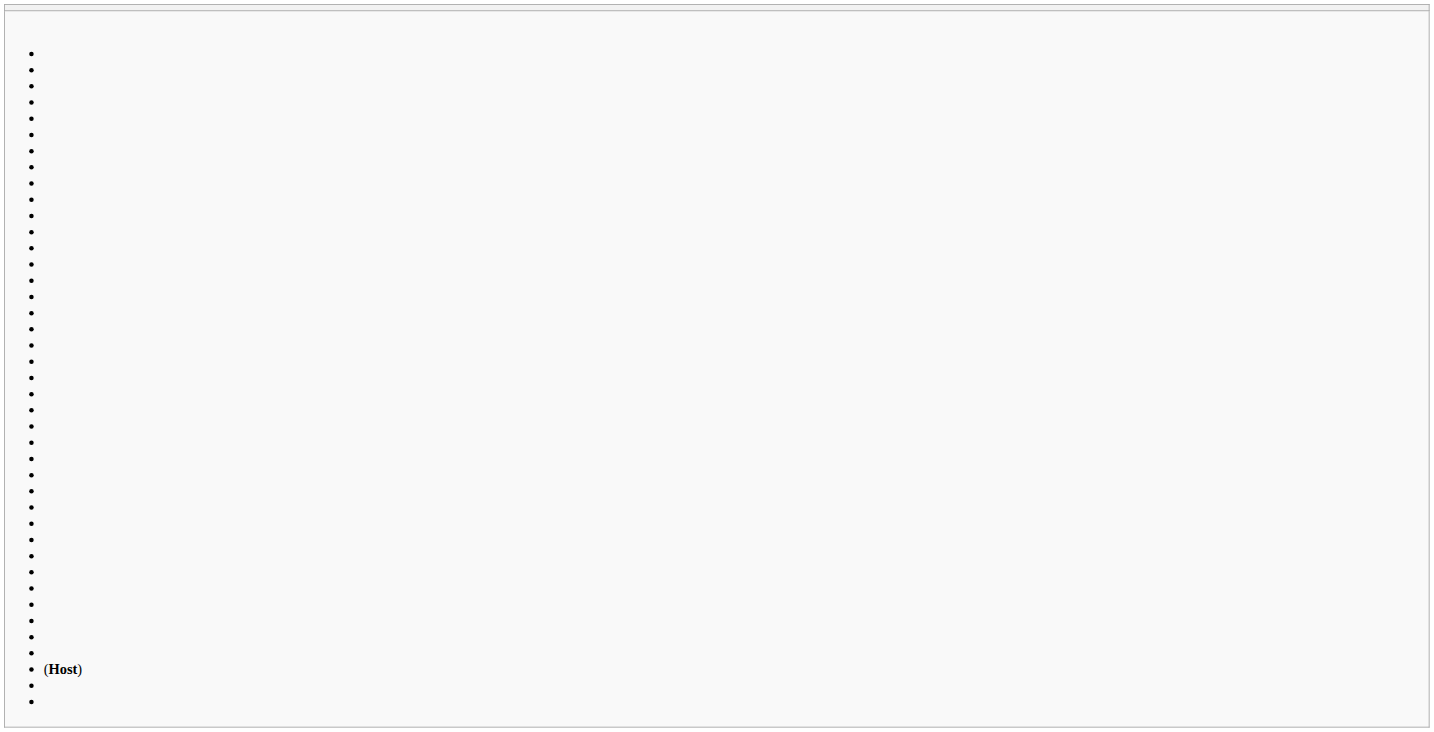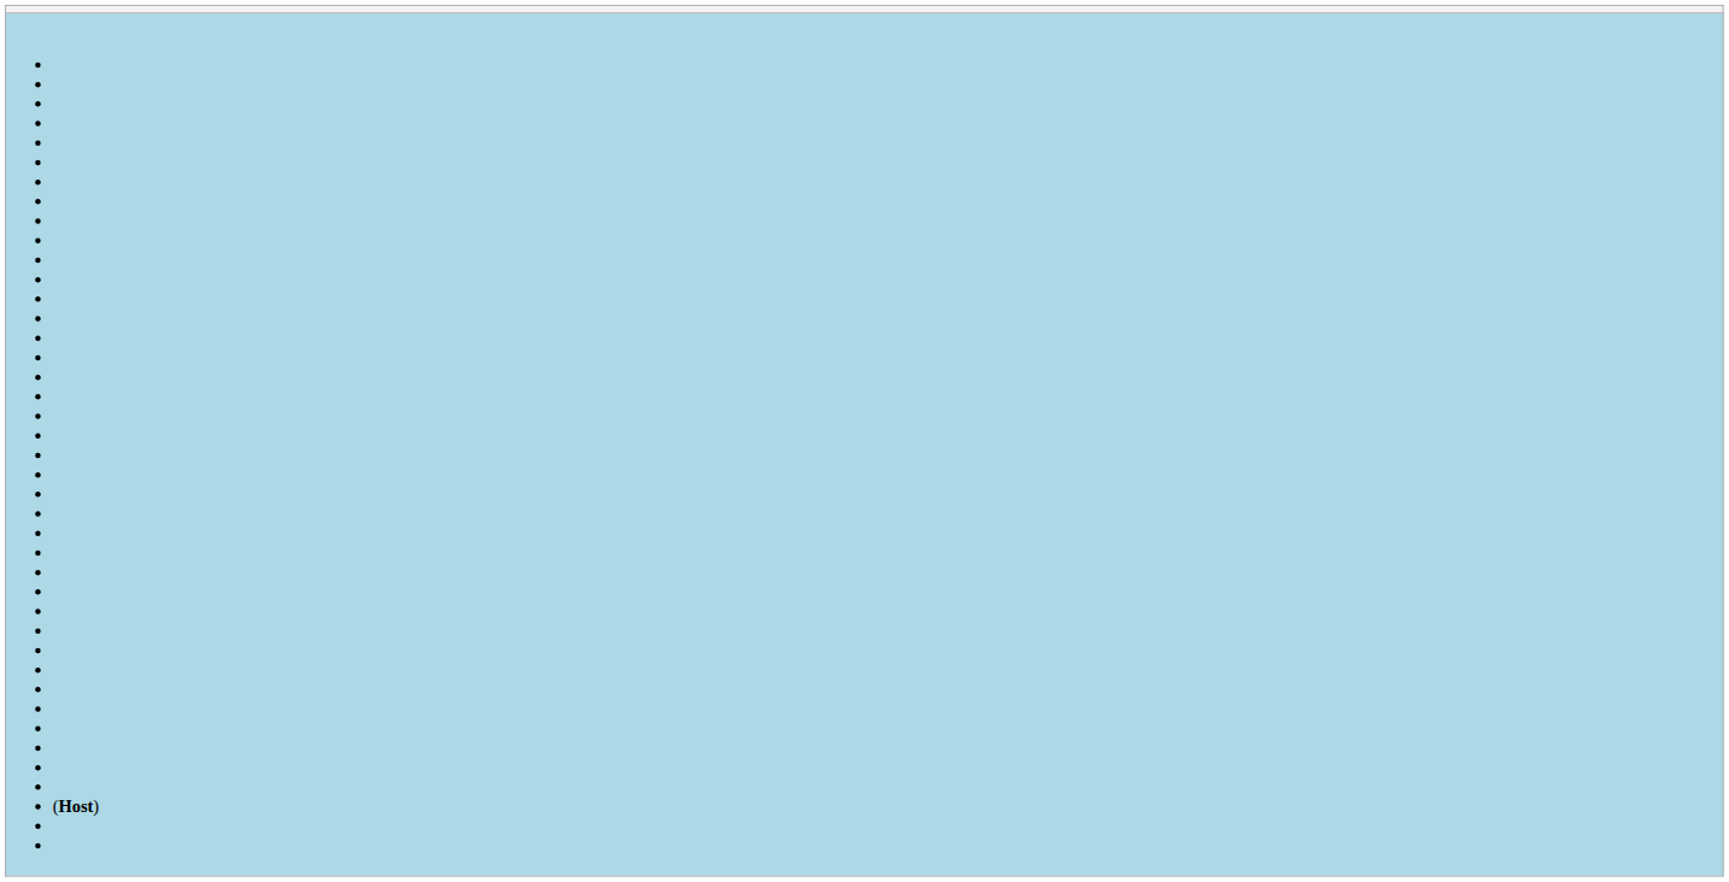 <table class="wikitable collapsible" style="width:100%;">
 <tr>
 <th></th>
 </tr>
 <tr>
-<td><br><ul><li></li><li></li><li></li><li></li><li></li><li></li><li></li><li></li><li></li><li></li><li></li><li></li><li></li><li></li><li></li><li></li><li></li><li></li><li></li><li></li><li></li><li></li><li></li><li></li><li></li><li></li><li></li><li></li><li></li><li></li><li></li><li></li><li></li><li></li><li></li><li></li><li></li><li></li><li> (<strong>Host</strong>)</li><li></li><li></li></ul></td>
+<td style="background: lightblue;"><br><ul><li></li><li></li><li></li><li></li><li></li><li></li><li></li><li></li><li></li><li></li><li></li><li></li><li></li><li></li><li></li><li></li><li></li><li></li><li></li><li></li><li></li><li></li><li></li><li></li><li></li><li></li><li></li><li></li><li></li><li></li><li></li><li></li><li></li><li></li><li></li><li></li><li></li><li></li><li> (<strong>Host</strong>)</li><li></li><li></li></ul></td>
 </tr>
 </table>
